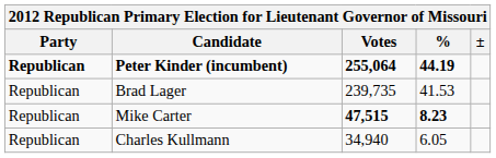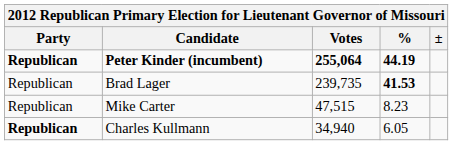 <table class="wikitable">
 <tr>
 <th colspan="5">2012 Republican Primary Election for Lieutenant Governor of Missouri</th>
 </tr>
 <tr>
 <th>Party</th>
 <th>Candidate</th>
 <th>Votes</th>
 <th>%</th>
 <th>±</th>
 </tr>
 <tr>
 <td><strong>Republican</strong></td>
 <td><strong>Peter Kinder (incumbent)</strong></td>
 <td><strong>255,064</strong></td>
 <td><strong>44.19</strong></td>
 <td></td>
 </tr>
 <tr>
 <td>Republican</td>
 <td>Brad Lager</td>
 <td>239,735</td>
-<td>41.53</td>
+<td><strong>41.53</strong></td>
 <td></td>
 </tr>
 <tr>
 <td>Republican</td>
 <td>Mike Carter</td>
-<td><strong>47,515</strong></td>
-<td><strong>8.23</strong></td>
+<td>47,515</td>
+<td>8.23</td>
 <td></td>
 </tr>
 <tr>
-<td>Republican</td>
+<td><strong>Republican</strong></td>
 <td>Charles Kullmann</td>
 <td>34,940</td>
 <td>6.05</td>
 <td></td>
 </tr>
 </table>
